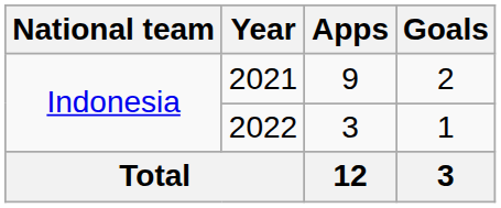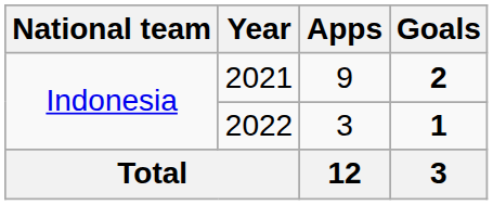 <table class="wikitable" style="text-align:center">
 <tr>
 <th>National team</th>
 <th>Year</th>
 <th>Apps</th>
 <th>Goals</th>
 </tr>
 <tr>
 <td rowspan=2><a href='#'>Indonesia</a></td>
 <td>2021</td>
 <td>9</td>
-<td>2</td>
+<td><strong>2</strong></td>
 </tr>
 <tr>
 <td>2022</td>
 <td>3</td>
-<td>1</td>
+<td><strong>1</strong></td>
 </tr>
 <tr>
 <th colspan=2>Total</th>
 <th>12</th>
 <th>3</th>
 </tr>
 </table>
